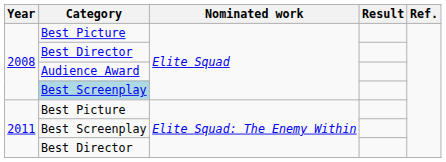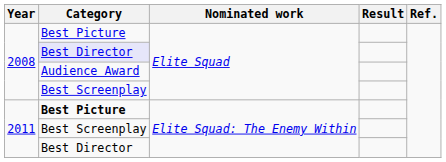 <table class="wikitable sortable">
 <tr>
 <th>Year</th>
 <th>Category</th>
 <th>Nominated work</th>
 <th>Result</th>
 <th>Ref.</th>
 </tr>
 <tr>
 <td rowspan="4"><a href='#'>2008</a></td>
 <td><a href='#'>Best Picture</a></td>
 <td rowspan="4"><em><a href='#'>Elite Squad</a></em></td>
 <td></td>
 <td rowspan="7"></td>
 </tr>
 <tr>
-<td><a href='#'>Best Director</a></td>
+<td style="background: lavender;"><a href='#'>Best Director</a></td>
 <td></td>
 </tr>
 <tr>
 <td><a href='#'>Audience Award</a></td>
 <td></td>
 </tr>
 <tr>
-<td style="background: lightblue;"><a href='#'>Best Screenplay</a></td>
+<td><a href='#'>Best Screenplay</a></td>
 <td></td>
 </tr>
 <tr>
 <td rowspan="3"><a href='#'>2011</a></td>
-<td>Best Picture</td>
+<td><strong>Best Picture</strong></td>
 <td rowspan="3"><em><a href='#'>Elite Squad: The Enemy Within</a></em></td>
 <td></td>
 </tr>
 <tr>
 <td>Best Screenplay</td>
 <td></td>
 </tr>
 <tr>
 <td>Best Director</td>
 <td></td>
 </tr>
 </table>
